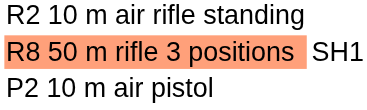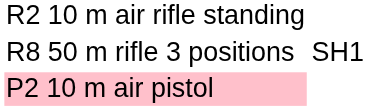 <table>
 <tr>
 <td nowrap>R2 10 m air rifle standing<br></td>
 <td rowspan=3>SH1</td>
 <td></td>
 <td></td>
 <td></td>
 </tr>
 <tr>
-<td style="background: lightsalmon;">R8 50 m rifle 3 positions<br></td>
+<td>R8 50 m rifle 3 positions<br></td>
 <td></td>
 <td></td>
 <td></td>
 </tr>
 <tr>
-<td>P2 10 m air pistol<br></td>
+<td style="background: pink;">P2 10 m air pistol<br></td>
 <td></td>
 <td></td>
 <td></td>
 </tr>
 </table>
